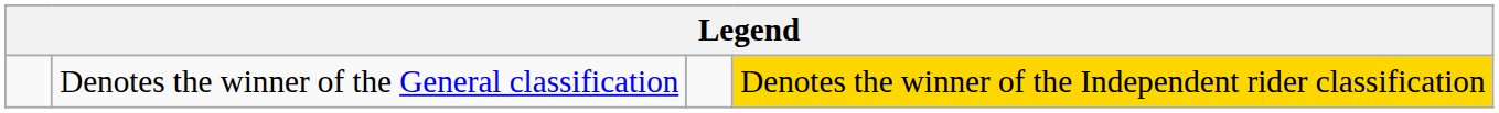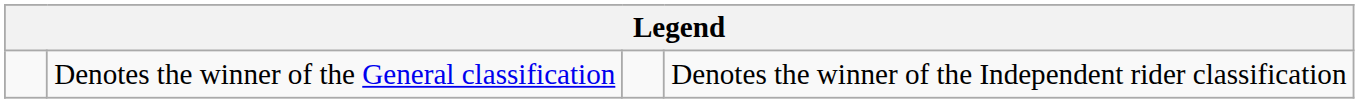 <table class="wikitable">
 <tr>
 <th colspan=4>Legend</th>
 </tr>
 <tr>
 <td>    </td>
 <td>Denotes the winner of the <a href='#'>General classification</a></td>
 <td>    </td>
-<td style="background: gold;">Denotes the winner of the Independent rider classification</td>
+<td>Denotes the winner of the Independent rider classification</td>
 </tr>
 </table>
